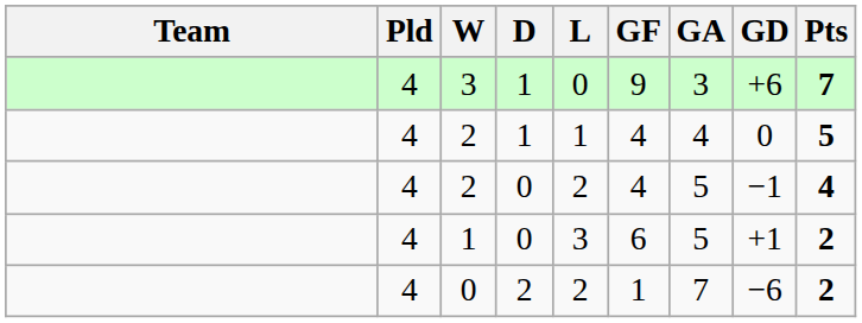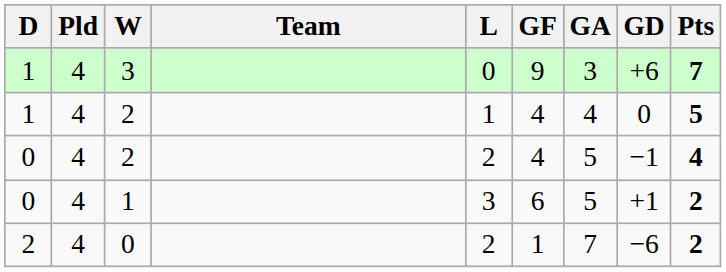 <table class="wikitable" style="text-align: center;">
 <tr>
-<th width="175">Team</th>
+<th width="20">D</th>
 <th width="20">Pld</th>
 <th width="20">W</th>
-<th width="20">D</th>
+<th width="175">Team</th>
 <th width="20">L</th>
 <th width="20">GF</th>
 <th width="20">GA</th>
 <th width="20">GD</th>
 <th width="20">Pts</th>
 </tr>
 <tr bgcolor="#ccffcc">
-<td align=left></td>
+<td>1</td>
 <td>4</td>
 <td>3</td>
-<td>1</td>
+<td align=left></td>
 <td>0</td>
 <td>9</td>
 <td>3</td>
 <td>+6</td>
 <td><strong>7</strong></td>
 </tr>
 <tr>
-<td align=left></td>
+<td>1</td>
 <td>4</td>
 <td>2</td>
-<td>1</td>
+<td align=left></td>
 <td>1</td>
 <td>4</td>
 <td>4</td>
 <td>0</td>
 <td><strong>5</strong></td>
 </tr>
 <tr>
-<td align=left></td>
+<td>0</td>
 <td>4</td>
 <td>2</td>
-<td>0</td>
+<td align=left></td>
 <td>2</td>
 <td>4</td>
 <td>5</td>
 <td>−1</td>
 <td><strong>4</strong></td>
 </tr>
 <tr>
-<td align=left></td>
+<td>0</td>
 <td>4</td>
 <td>1</td>
-<td>0</td>
+<td align=left></td>
 <td>3</td>
 <td>6</td>
 <td>5</td>
 <td>+1</td>
 <td><strong>2</strong></td>
 </tr>
 <tr>
-<td align=left></td>
+<td>2</td>
 <td>4</td>
 <td>0</td>
-<td>2</td>
+<td align=left></td>
 <td>2</td>
 <td>1</td>
 <td>7</td>
 <td>−6</td>
 <td><strong>2</strong></td>
 </tr>
 </table>
